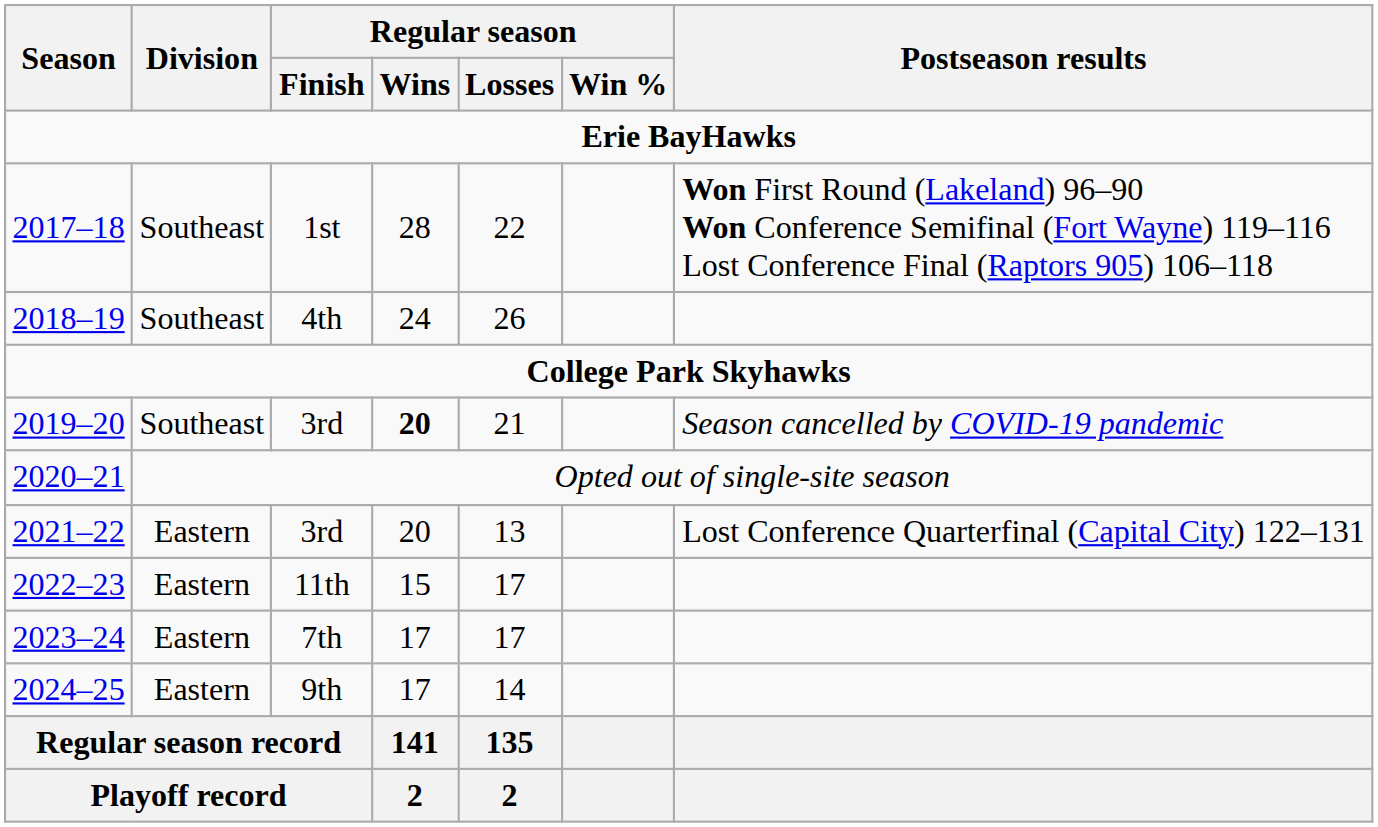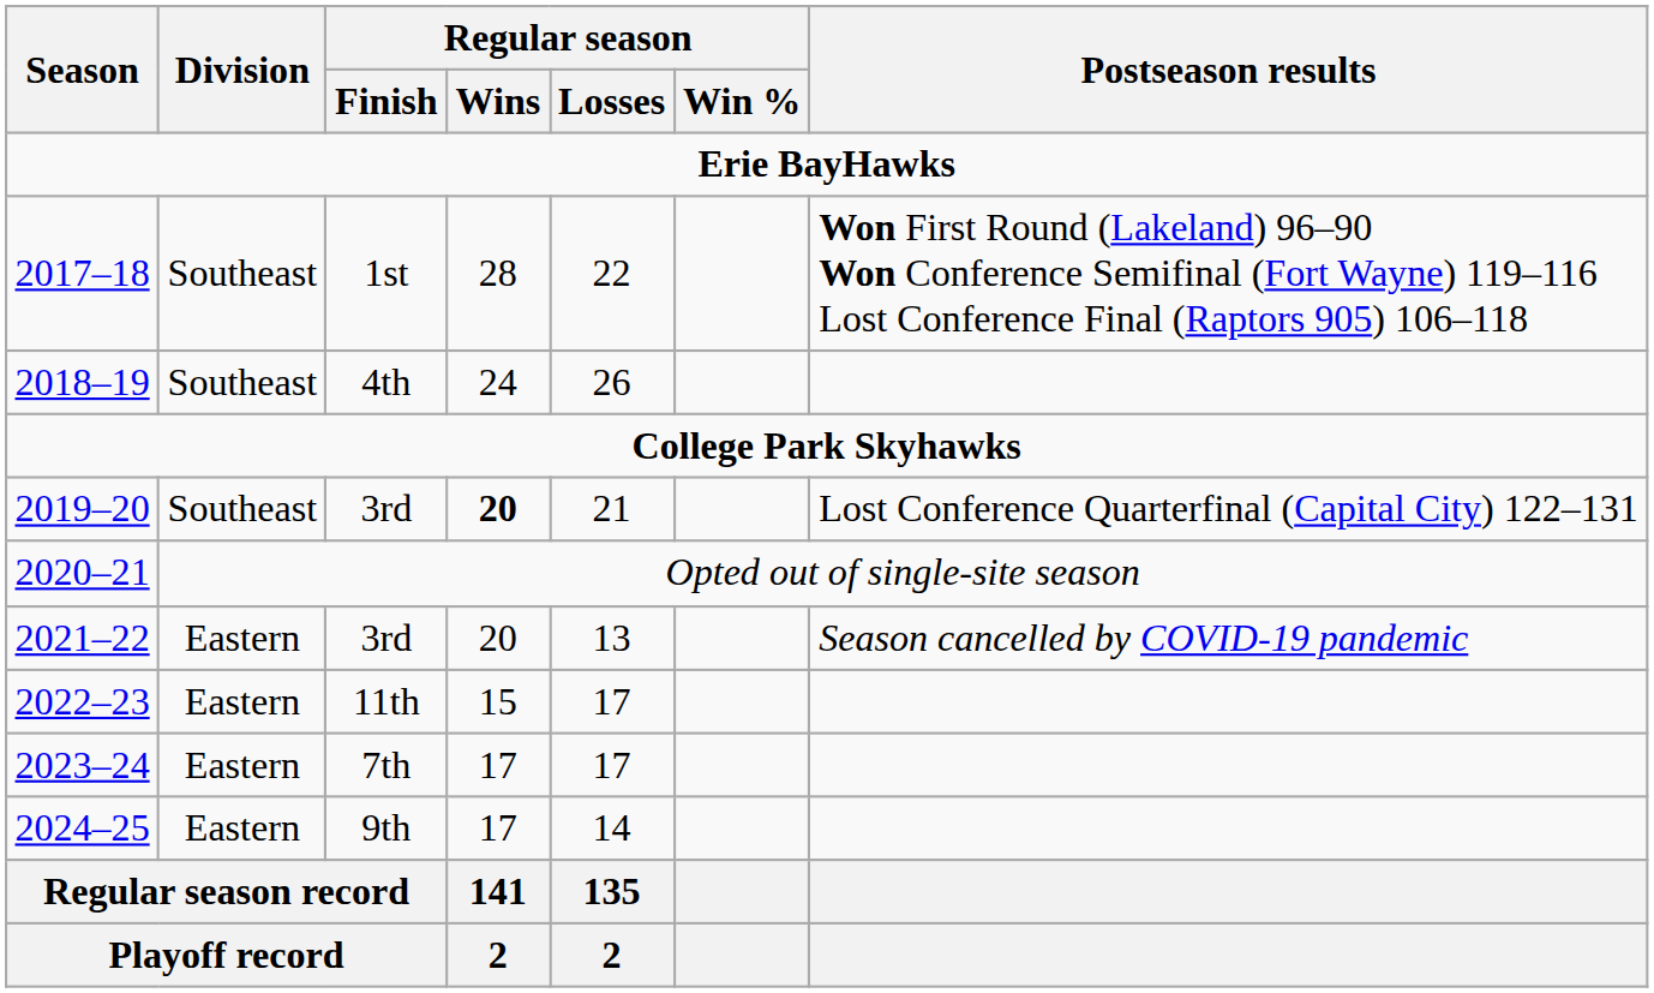 <table class="wikitable" style="font-size:95%; text-align:center">
 <tr>
 <th rowspan=2>Season</th>
 <th rowspan=2>Division</th>
 <th colspan=4>Regular season</th>
 <th rowspan=2>Postseason results</th>
 </tr>
 <tr>
 <th>Finish</th>
 <th>Wins</th>
 <th>Losses</th>
 <th>Win %</th>
 </tr>
 <tr>
 <td colspan=10><strong>Erie BayHawks</strong></td>
 </tr>
 <tr>
 <td><a href='#'>2017–18</a></td>
 <td>Southeast</td>
 <td>1st</td>
 <td>28</td>
 <td>22</td>
 <td></td>
 <td align=left><strong>Won</strong> First Round (<a href='#'>Lakeland</a>) 96–90<br><strong>Won</strong> Conference Semifinal (<a href='#'>Fort Wayne</a>) 119–116<br>Lost Conference Final (<a href='#'>Raptors 905</a>) 106–118</td>
 </tr>
 <tr>
 <td><a href='#'>2018–19</a></td>
 <td>Southeast</td>
 <td>4th</td>
 <td>24</td>
 <td>26</td>
 <td></td>
 <td align=left></td>
 </tr>
 <tr>
 <td colspan=10><strong>College Park Skyhawks</strong></td>
 </tr>
 <tr>
 <td><a href='#'>2019–20</a></td>
 <td>Southeast</td>
 <td>3rd</td>
 <td><strong>20</strong></td>
 <td>21</td>
 <td></td>
-<td align=left><em>Season cancelled by <a href='#'>COVID-19 pandemic</a></em></td>
+<td align=left>Lost Conference Quarterfinal (<a href='#'>Capital City</a>) 122–131</td>
 </tr>
 <tr>
 <td><a href='#'>2020–21</a></td>
 <td colspan="7"><em>Opted out of single-site season</em></td>
 </tr>
 <tr>
 <td><a href='#'>2021–22</a></td>
 <td>Eastern</td>
 <td>3rd</td>
 <td>20</td>
 <td>13</td>
 <td></td>
-<td align=left>Lost Conference Quarterfinal (<a href='#'>Capital City</a>) 122–131</td>
+<td align=left><em>Season cancelled by <a href='#'>COVID-19 pandemic</a></em></td>
 </tr>
 <tr>
 <td><a href='#'>2022–23</a></td>
 <td>Eastern</td>
 <td>11th</td>
 <td>15</td>
 <td>17</td>
 <td></td>
 <td align=left></td>
 </tr>
 <tr>
 <td><a href='#'>2023–24</a></td>
 <td>Eastern</td>
 <td>7th</td>
 <td>17</td>
 <td>17</td>
 <td></td>
 <td align=left></td>
 </tr>
 <tr>
 <td><a href='#'>2024–25</a></td>
 <td>Eastern</td>
 <td>9th</td>
 <td>17</td>
 <td>14</td>
 <td></td>
 <td align=left></td>
 </tr>
 <tr>
 <th colspan=3>Regular season record</th>
 <th>141</th>
 <th>135</th>
 <th></th>
 <th colspan=2></th>
 </tr>
 <tr>
 <th colspan=3>Playoff record</th>
 <th>2</th>
 <th>2</th>
 <th></th>
 <th colspan=2></th>
 </tr>
 </table>
